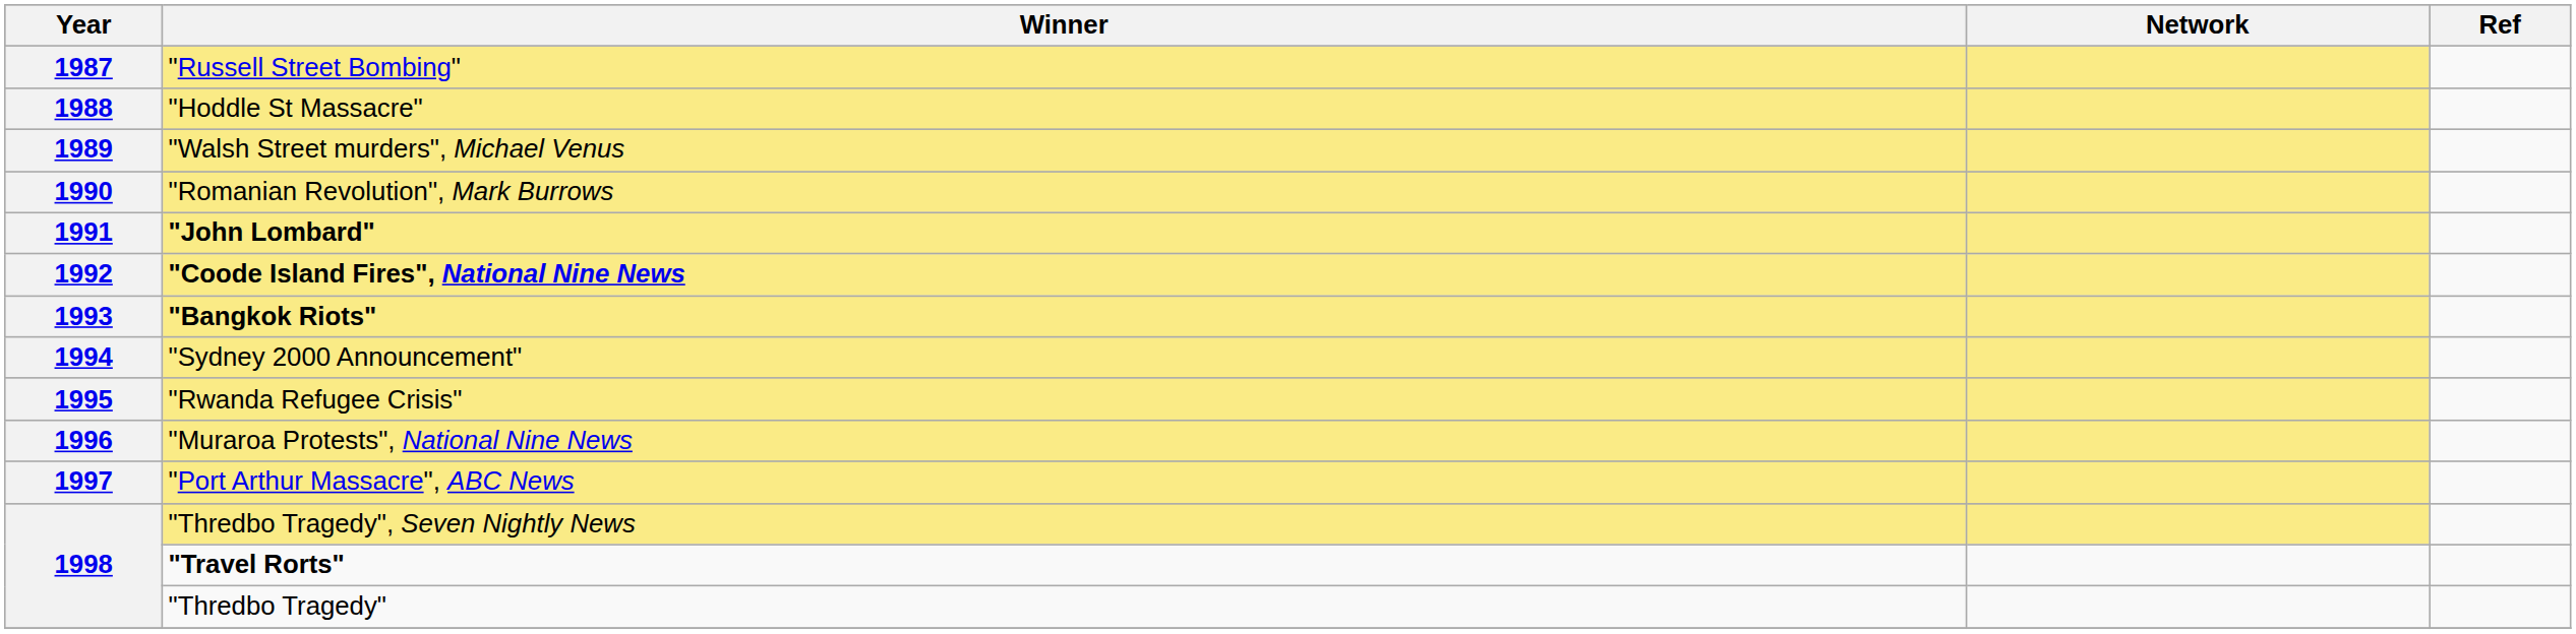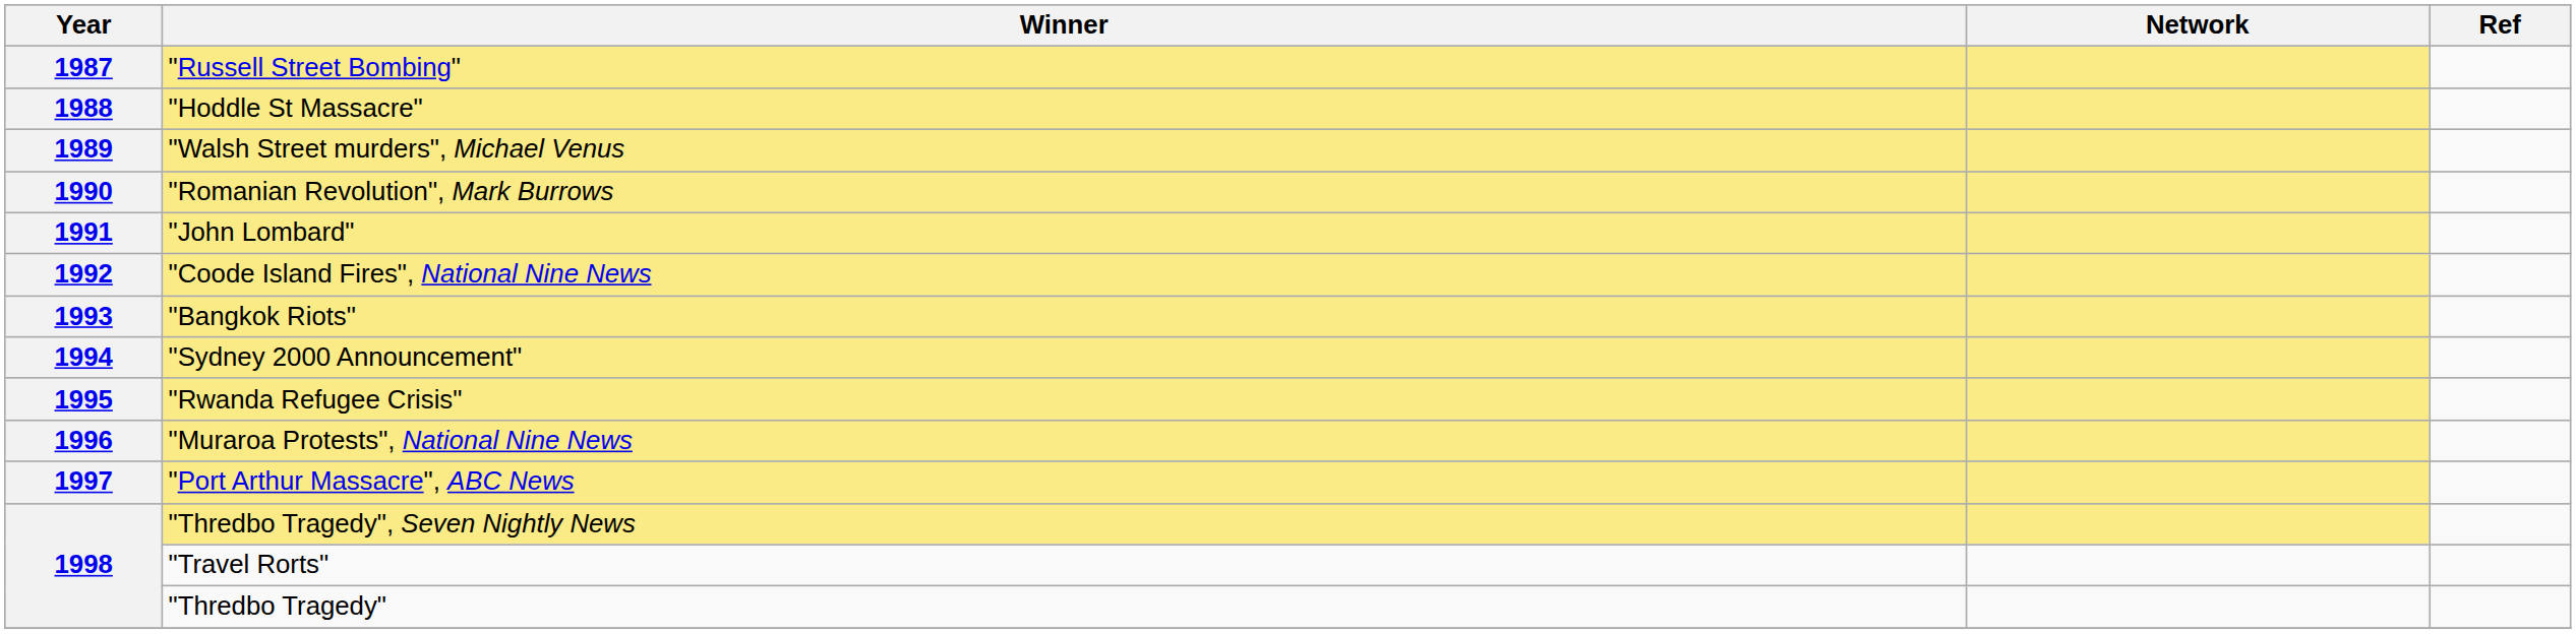 <table class="wikitable sortable">
 <tr style="background:#bebebe;">
 <th scope="col" style="width:1%;">Year</th>
 <th scope="col" style="width:16%;">Winner</th>
 <th scope="col" style="width:4%;">Network</th>
 <th scope="col" style="width:1%;" class="unsortable">Ref</th>
 </tr>
 <tr>
 <th scope="row" style="text-align:center"><a href='#'>1987</a></th>
 <td style="background:#FAEB86">"<a href='#'>Russell Street Bombing</a>"</td>
 <td style="background:#FAEB86"></td>
 <td></td>
 </tr>
 <tr>
 <th scope="row" style="text-align:center"><a href='#'>1988</a></th>
 <td style="background:#FAEB86">"Hoddle St Massacre"</td>
 <td style="background:#FAEB86"></td>
 <td></td>
 </tr>
 <tr>
 <th scope="row" style="text-align:center"><a href='#'>1989</a></th>
 <td style="background:#FAEB86">"Walsh Street murders", <em>Michael Venus</em></td>
 <td style="background:#FAEB86"></td>
 <td></td>
 </tr>
 <tr>
 <th scope="row" style="text-align:center"><a href='#'>1990</a></th>
 <td style="background:#FAEB86">"Romanian Revolution", <em>Mark Burrows</em></td>
 <td style="background:#FAEB86"></td>
 <td></td>
 </tr>
 <tr>
 <th scope="row" style="text-align:center"><a href='#'>1991</a></th>
-<td style="background:#FAEB86"><strong>"John Lombard"</strong></td>
+<td style="background:#FAEB86">"John Lombard"</td>
 <td style="background:#FAEB86"></td>
 <td></td>
 </tr>
 <tr>
 <th scope="row" style="text-align:center"><a href='#'>1992</a></th>
-<td style="background:#FAEB86"><strong>"Coode Island Fires", <em><a href='#'>National Nine News</a></em></strong></td>
+<td style="background:#FAEB86">"Coode Island Fires", <em><a href='#'>National Nine News</a></em></td>
 <td style="background:#FAEB86"></td>
 <td></td>
 </tr>
 <tr>
 <th scope="row" style="text-align:center"><a href='#'>1993</a></th>
-<td style="background:#FAEB86"><strong>"Bangkok Riots"</strong></td>
+<td style="background:#FAEB86">"Bangkok Riots"</td>
 <td style="background:#FAEB86"></td>
 <td></td>
 </tr>
 <tr>
 <th scope="row" style="text-align:center"><a href='#'>1994</a></th>
 <td style="background:#FAEB86">"Sydney 2000 Announcement"</td>
 <td style="background:#FAEB86"></td>
 <td></td>
 </tr>
 <tr>
 <th scope="row" style="text-align:center"><a href='#'>1995</a></th>
 <td style="background:#FAEB86">"Rwanda Refugee Crisis"</td>
 <td style="background:#FAEB86"></td>
 <td></td>
 </tr>
 <tr>
 <th scope="row" style="text-align:center"><a href='#'>1996</a></th>
 <td style="background:#FAEB86">"Muraroa Protests", <em><a href='#'>National Nine News</a></em></td>
 <td style="background:#FAEB86"></td>
 <td></td>
 </tr>
 <tr>
 <th scope="row" style="text-align:center"><a href='#'>1997</a></th>
 <td style="background:#FAEB86">"<a href='#'>Port Arthur Massacre</a>", <em><a href='#'>ABC News</a></em></td>
 <td style="background:#FAEB86"></td>
 <td></td>
 </tr>
 <tr>
 <th scope="row" rowspan="3" style="text-align:center"><a href='#'>1998</a></th>
 <td style="background:#FAEB86">"Thredbo Tragedy", <em>Seven Nightly News</em></td>
 <td style="background:#FAEB86"></td>
 <td></td>
 </tr>
 <tr>
-<td><strong>"Travel Rorts"</strong></td>
+<td>"Travel Rorts"</td>
 <td></td>
 <td></td>
 </tr>
 <tr>
 <td>"Thredbo Tragedy"</td>
 <td></td>
 <td></td>
 </tr>
 <tr>
 </tr>
 </table>
